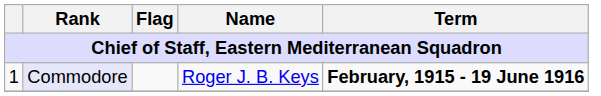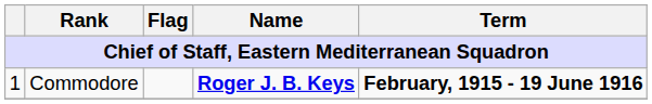 <table class="wikitable">
 <tr>
 <th></th>
 <th>Rank</th>
 <th>Flag</th>
 <th>Name</th>
 <th>Term</th>
 </tr>
 <tr>
 <td colspan="5" align="center" style="background:#dcdcfe;"><strong>Chief of Staff, Eastern Mediterranean Squadron</strong></td>
 </tr>
 <tr>
 <td>1</td>
-<td style="background: lavender;">Commodore</td>
+<td>Commodore</td>
 <td></td>
-<td><a href='#'>Roger J. B. Keys</a></td>
+<td><strong><a href='#'>Roger J. B. Keys</a></strong></td>
 <td><strong>February, 1915 - 19 June 1916</strong></td>
 </tr>
 <tr>
 </tr>
 </table>
